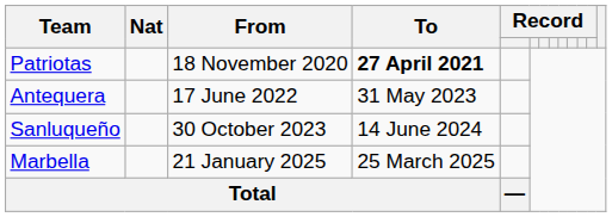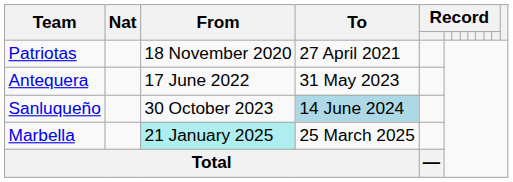 <table class="wikitable" style="text-align: center">
 <tr>
 <th rowspan="2">Team</th>
 <th rowspan="2">Nat</th>
 <th rowspan="2">From</th>
 <th rowspan="2">To</th>
 <th colspan="8">Record</th>
 <th rowspan=2></th>
 </tr>
 <tr>
 <th></th>
 <th></th>
 <th></th>
 <th></th>
 <th></th>
 <th></th>
 <th></th>
 <th></th>
 </tr>
 <tr>
 <td align=left><a href='#'>Patriotas</a></td>
 <td></td>
 <td align=left>18 November 2020</td>
-<td align=left><strong>27 April 2021<br></strong></td>
+<td align=left>27 April 2021<br></td>
 <td></td>
 </tr>
 <tr>
 <td align=left><a href='#'>Antequera</a></td>
 <td></td>
 <td align=left>17 June 2022</td>
 <td align=left>31 May 2023<br></td>
 <td></td>
 </tr>
 <tr>
 <td align=left><a href='#'>Sanluqueño</a></td>
 <td></td>
 <td align=left>30 October 2023</td>
-<td align=left>14 June 2024<br></td>
+<td align=left style="background: lightblue;">14 June 2024<br></td>
 <td></td>
 </tr>
 <tr>
 <td align=left><a href='#'>Marbella</a></td>
 <td></td>
-<td align=left>21 January 2025</td>
+<td align=left style="background: paleturquoise;">21 January 2025</td>
 <td align=left>25 March 2025<br></td>
 <td></td>
 </tr>
 <tr>
 <th colspan="4">Total<br></th>
 <th>—</th>
 </tr>
 </table>
